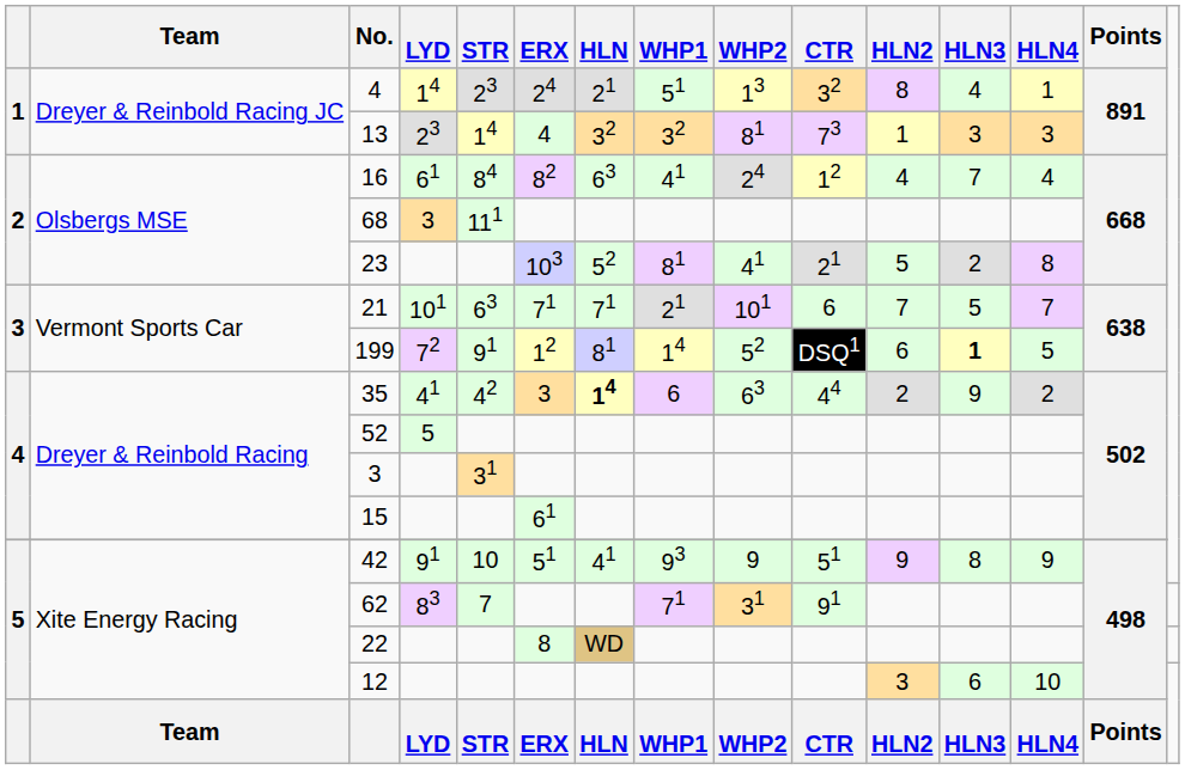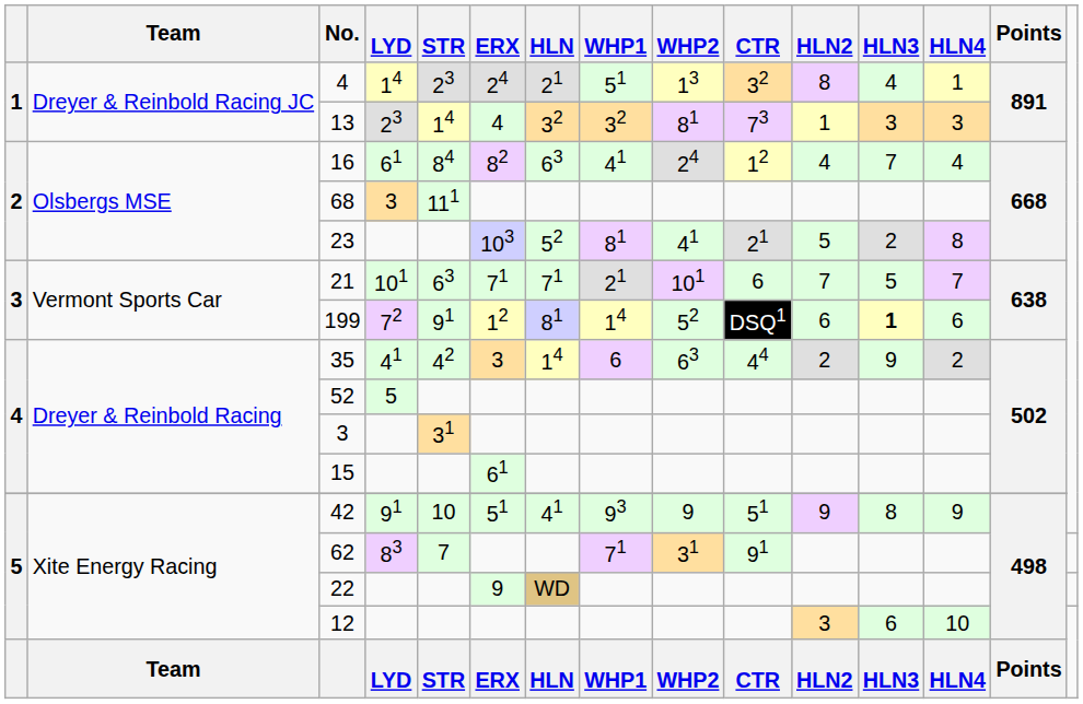 <table class="wikitable" style="font-size:85%; text-align:center;">
 <tr>
 <th></th>
 <th>Team</th>
 <th>No.</th>
 <th><br><a href='#'>LYD</a></th>
 <th><br><a href='#'>STR</a></th>
 <th><br><a href='#'>ERX</a></th>
 <th><br><a href='#'>HLN</a></th>
 <th><br><a href='#'>WHP1</a></th>
 <th><br><a href='#'>WHP2</a></th>
 <th><br><a href='#'>CTR</a></th>
 <th><br><a href='#'>HLN2</a></th>
 <th><br><a href='#'>HLN3</a></th>
 <th><br><a href='#'>HLN4</a></th>
 <th>Points</th>
 </tr>
 <tr>
 <th rowspan="2">1</th>
 <td rowspan="2" align="left"> <a href='#'>Dreyer & Reinbold Racing JC</a></td>
 <td>4</td>
 <td style="background:#FFFFBF;">1<sup>4</sup></td>
 <td style="background:#DFDFDF;">2<sup>3</sup></td>
 <td style="background:#DFDFDF;">2<sup>4</sup></td>
 <td style="background:#DFDFDF;">2<sup>1</sup></td>
 <td style="background:#DFFFDF;">5<sup>1</sup></td>
 <td style="background:#FFFFBF;">1<sup>3</sup></td>
 <td style="background:#FFDF9F;">3<sup>2</sup></td>
 <td style="background:#EFCFFF">8</td>
 <td style="background:#DFFFDF;">4</td>
 <td style="background:#FFFFBF;">1</td>
 <th rowspan="2">891</th>
 </tr>
 <tr>
 <td>13</td>
 <td style="background:#DFDFDF;">2<sup>3</sup></td>
 <td style="background:#FFFFBF;">1<sup>4</sup></td>
 <td style="background:#DFFFDF;">4</td>
 <td style="background:#FFDF9F;">3<sup>2</sup></td>
 <td style="background:#FFDF9F;">3<sup>2</sup></td>
 <td style="background:#EFCFFF;">8<sup>1</sup></td>
 <td style="background:#EFCFFF;">7<sup>3</sup></td>
 <td style="background:#FFFFBF;">1</td>
 <td style="background:#FFDF9F;">3</td>
 <td style="background:#FFDF9F;">3</td>
 </tr>
 <tr>
 <th rowspan="3">2</th>
 <td rowspan="3" align="left"> <a href='#'>Olsbergs MSE</a></td>
 <td>16</td>
 <td style="background:#DFFFDF;">6<sup>1</sup></td>
 <td style="background:#DFFFDF;">8<sup>4</sup></td>
 <td style="background:#EFCFFF;">8<sup>2</sup></td>
 <td style="background:#DFFFDF;">6<sup>3</sup></td>
 <td style="background:#DFFFDF;">4<sup>1</sup></td>
 <td style="background:#DFDFDF;">2<sup>4</sup></td>
 <td style="background:#FFFFBF;">1<sup>2</sup></td>
 <td style="background:#DFFFDF;">4</td>
 <td style="background:#DFFFDF;">7</td>
 <td style="background:#DFFFDF;">4</td>
 <th rowspan="3">668</th>
 </tr>
 <tr>
 <td>68</td>
 <td style="background:#FFDF9F;">3</td>
 <td style="background:#DFFFDF;">11<sup>1</sup></td>
 <td></td>
 <td></td>
 <td></td>
 <td></td>
 <td></td>
 <td></td>
 <td></td>
 <td></td>
 </tr>
 <tr>
 <td>23</td>
 <td></td>
 <td></td>
 <td style="background:#cfcfff">10<sup>3</sup></td>
 <td style="background:#DFFFDF;">5<sup>2</sup></td>
 <td style="background:#EFCFFF;">8<sup>1</sup></td>
 <td style="background:#DFFFDF;">4<sup>1</sup></td>
 <td style="background:#DFDFDF;">2<sup>1</sup></td>
 <td style="background:#DFFFDF;">5</td>
 <td style="background:#DFDFDF;">2</td>
 <td style="background:#EFCFFF">8</td>
 </tr>
 <tr>
 <th rowspan="2">3</th>
 <td rowspan="2" align="left"> Vermont Sports Car</td>
 <td>21</td>
 <td style="background:#DFFFDF;">10<sup>1</sup></td>
 <td style="background:#DFFFDF;">6<sup>3</sup></td>
 <td style="background:#DFFFDF;">7<sup>1</sup></td>
 <td style="background:#DFFFDF;">7<sup>1</sup></td>
 <td style="background:#DFDFDF;">2<sup>1</sup></td>
 <td style="background:#EFCFFF;">10<sup>1</sup></td>
 <td style="background:#DFFFDF;">6</td>
 <td style="background:#DFFFDF;">7</td>
 <td style="background:#DFFFDF;">5</td>
 <td style="background:#EFCFFF">7</td>
 <th rowspan="2">638</th>
 </tr>
 <tr>
 <td>199</td>
 <td style="background:#EFCFFF;">7<sup>2</sup></td>
 <td style="background:#DFFFDF;">9<sup>1</sup></td>
 <td style="background:#FFFFBF;">1<sup>2</sup></td>
 <td style="background:#CFCFFF">8<sup>1</sup></td>
 <td style="background:#FFFFBF;">1<sup>4</sup></td>
 <td style="background:#DFFFDF;">5<sup>2</sup></td>
 <td style="background-color:#000000; color:white">DSQ<sup>1</sup></td>
 <td style="background:#DFFFDF;">6</td>
 <td style="background:#FFFFBF;"><strong>1</strong></td>
-<td style="background:#DFFFDF;">5</td>
+<td style="background:#DFFFDF;">6</td>
 </tr>
 <tr>
 <th rowspan="4">4</th>
 <td rowspan="4" align="left"> <a href='#'>Dreyer & Reinbold Racing</a></td>
 <td>35</td>
 <td style="background:#DFFFDF;">4<sup>1</sup></td>
 <td style="background:#DFFFDF;">4<sup>2</sup></td>
 <td style="background:#FFDF9F;">3</td>
-<td style="background:#FFFFBF;"><strong>1<sup>4</sup></strong></td>
+<td style="background:#FFFFBF;">1<sup>4</sup></td>
 <td style="background:#EFCFFF;">6</td>
 <td style="background:#DFFFDF;">6<sup>3</sup></td>
 <td style="background:#DFFFDF;">4<sup>4</sup></td>
 <td style="background:#DFDFDF;">2</td>
 <td style="background:#DFFFDF;">9</td>
 <td style="background:#DFDFDF;">2</td>
 <th rowspan="4">502</th>
 </tr>
 <tr>
 <td>52</td>
 <td style="background:#DFFFDF;">5</td>
 <td></td>
 <td></td>
 <td></td>
 <td></td>
 <td></td>
 <td></td>
 <td></td>
 <td></td>
 <td></td>
 </tr>
 <tr>
 <td>3</td>
 <td></td>
 <td style="background:#FFDF9F;">3<sup>1</sup></td>
 <td></td>
 <td></td>
 <td></td>
 <td></td>
 <td></td>
 <td></td>
 <td></td>
 <td></td>
 </tr>
 <tr>
 <td>15</td>
 <td></td>
 <td></td>
 <td style="background:#DFFFDF;">6<sup>1</sup></td>
 <td></td>
 <td></td>
 <td></td>
 <td></td>
 <td></td>
 <td></td>
 <td></td>
 </tr>
 <tr>
 </tr>
 <tr>
 <th rowspan="4">5</th>
 <td rowspan="4" align="left"> Xite Energy Racing</td>
 <td>42</td>
 <td style="background:#DFFFDF;">9<sup>1</sup></td>
 <td style="background:#DFFFDF;">10</td>
 <td style="background:#DFFFDF">5<sup>1</sup></td>
 <td style="background:#DFFFDF">4<sup>1</sup></td>
 <td style="background:#DFFFDF;">9<sup>3</sup></td>
 <td style="background:#DFFFDF;">9</td>
 <td style="background:#DFFFDF">5<sup>1</sup></td>
 <td style="background:#EFCFFF">9</td>
 <td style="background:#DFFFDF;">8</td>
 <td style="background:#DFFFDF;">9</td>
 <th rowspan="4">498</th>
 </tr>
 <tr>
 <td>62</td>
 <td style="background:#EFCFFF;">8<sup>3</sup></td>
 <td style="background:#DFFFDF;">7</td>
 <td></td>
 <td></td>
 <td style="background:#EFCFFF;">7<sup>1</sup></td>
 <td style="background:#FFDF9F;">3<sup>1</sup></td>
 <td style="background:#DFFFDF;">9<sup>1</sup></td>
 <td></td>
 <td></td>
 <td></td>
 <td></td>
 </tr>
 <tr>
 <td>22</td>
 <td></td>
 <td></td>
-<td style="background:#DFFFDF;">8</td>
+<td style="background:#DFFFDF;">9</td>
 <td style="background:#DFC484;">WD</td>
 <td></td>
 <td></td>
 <td></td>
 <td></td>
 <td></td>
 <td></td>
 <td></td>
 </tr>
 <tr>
 <td>12</td>
 <td></td>
 <td></td>
 <td></td>
 <td></td>
 <td></td>
 <td></td>
 <td></td>
 <td style="background:#FFDF9F;">3</td>
 <td style="background:#DFFFDF;">6</td>
 <td style="background:#DFFFDF;">10</td>
 </tr>
 <tr>
 <th></th>
 <th>Team</th>
 <th></th>
 <th><br><a href='#'>LYD</a></th>
 <th><br><a href='#'>STR</a></th>
 <th><br><a href='#'>ERX</a></th>
 <th><br><a href='#'>HLN</a></th>
 <th><br><a href='#'>WHP1</a></th>
 <th><br><a href='#'>WHP2</a></th>
 <th><br><a href='#'>CTR</a></th>
 <th><br><a href='#'>HLN2</a></th>
 <th><br><a href='#'>HLN3</a></th>
 <th><br><a href='#'>HLN4</a></th>
 <th>Points</th>
 </tr>
 </table>
